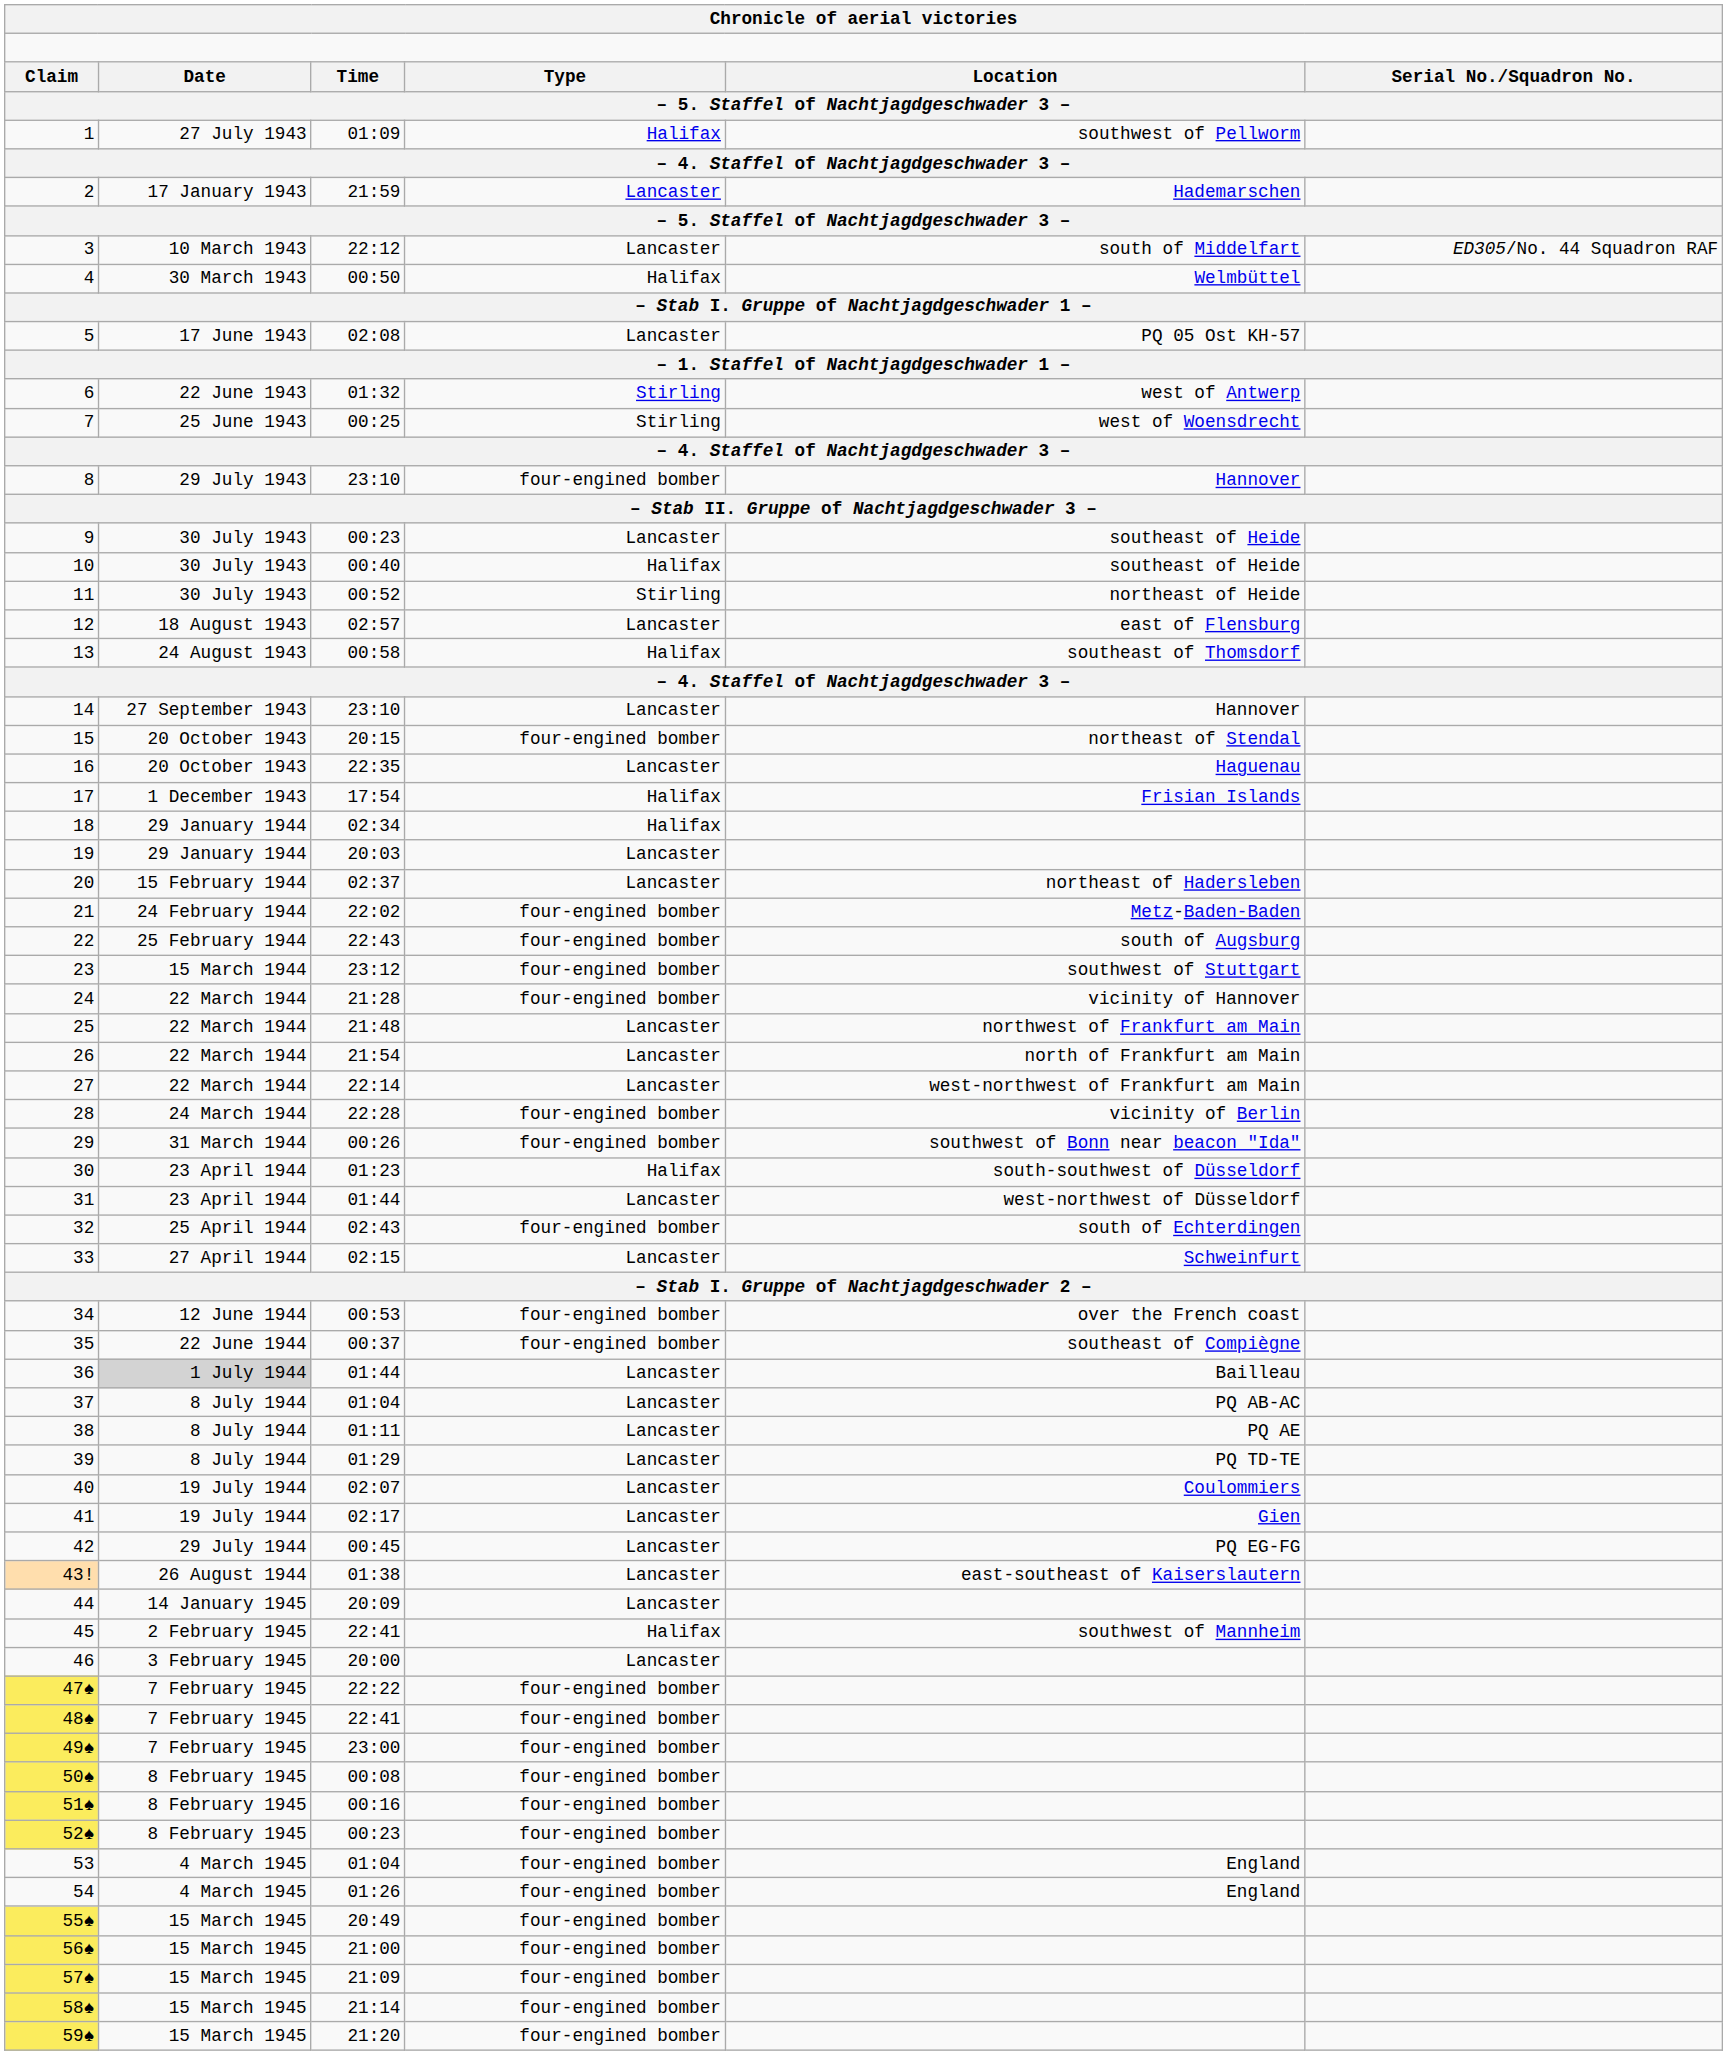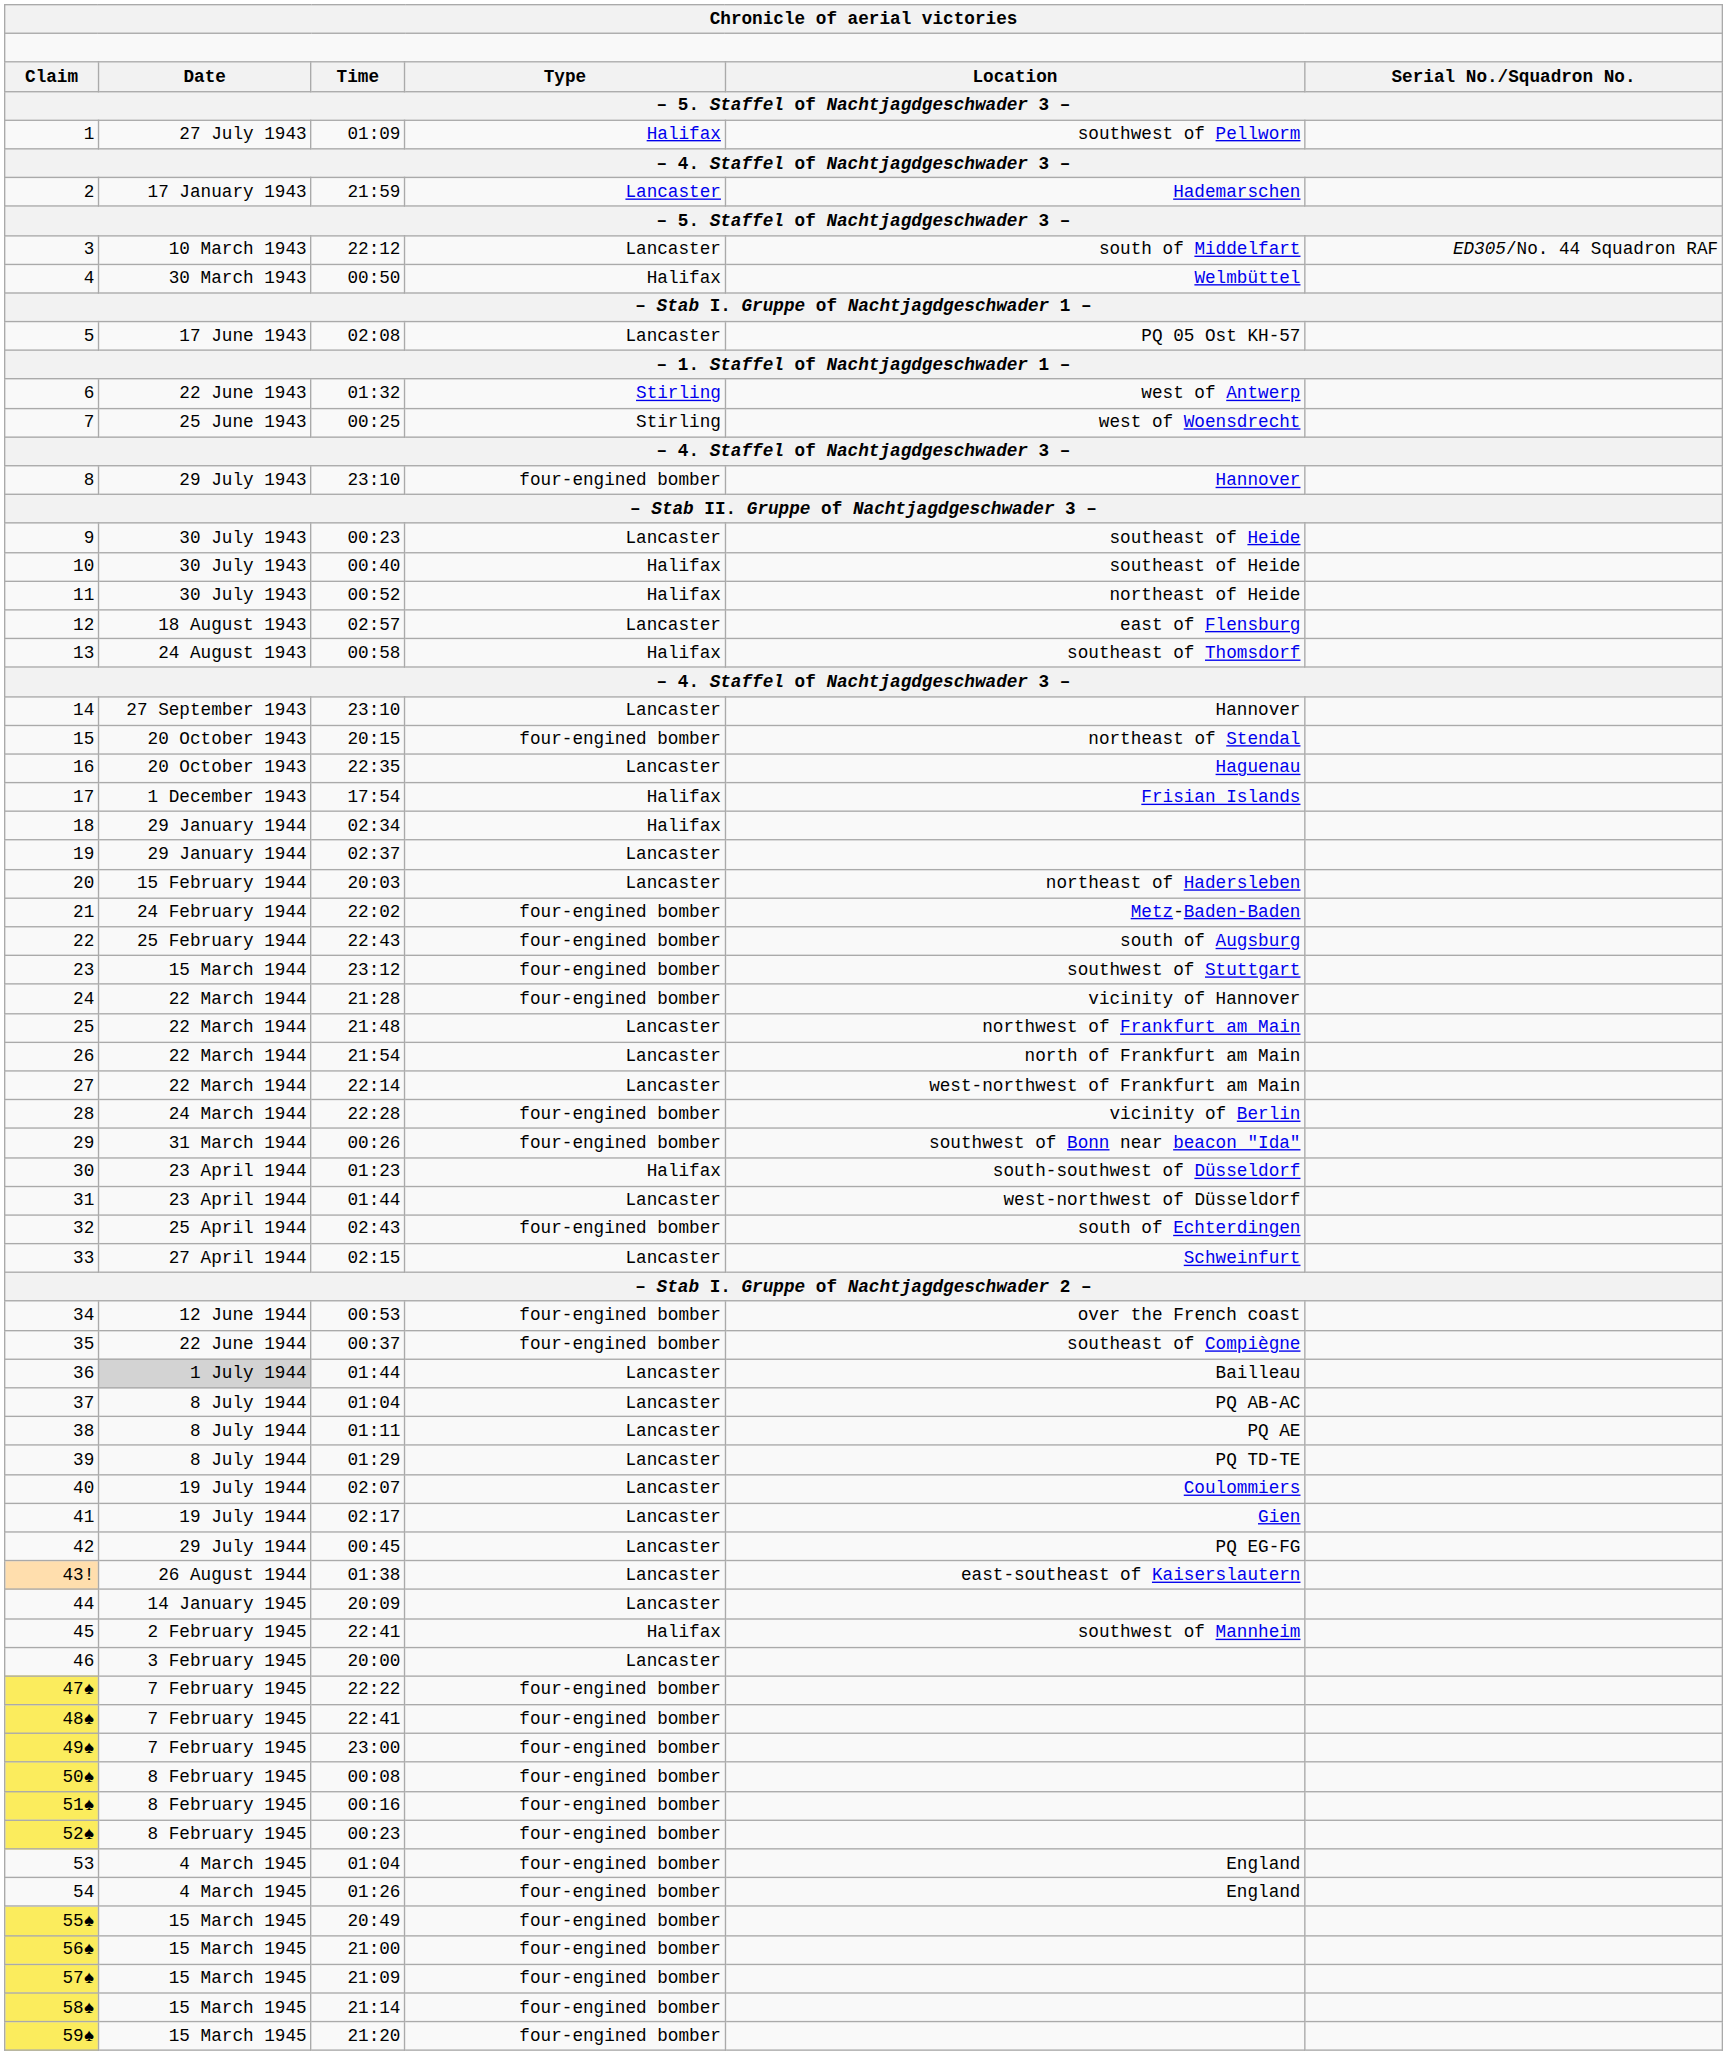 <table class="wikitable plainrowheaders collapsible" style="margin-left: auto; margin-right: auto; border: none; text-align:right; width: 100%;">
 <tr>
 <th colspan="6">Chronicle of aerial victories</th>
 </tr>
 <tr>
 <td colspan="6" style="text-align: left;"><br> </td>
 </tr>
 <tr>
 <th scope="col">Claim</th>
 <th scope="col" style="width:150px">Date</th>
 <th scope="col">Time</th>
 <th scope="col">Type</th>
 <th scope="col">Location</th>
 <th scope="col">Serial No./Squadron No.</th>
 </tr>
 <tr>
 <th colspan="6">– 5. <em>Staffel</em> of <em>Nachtjagdgeschwader</em> 3 –</th>
 </tr>
 <tr>
 <td>1</td>
 <td>27 July 1943</td>
 <td>01:09</td>
 <td><a href='#'>Halifax</a></td>
 <td>southwest of <a href='#'>Pellworm</a></td>
 <td></td>
 </tr>
 <tr>
 <th colspan="6">– 4. <em>Staffel</em> of <em>Nachtjagdgeschwader</em> 3 –</th>
 </tr>
 <tr>
 <td>2</td>
 <td>17 January 1943</td>
 <td>21:59</td>
 <td><a href='#'>Lancaster</a></td>
 <td><a href='#'>Hademarschen</a></td>
 <td></td>
 </tr>
 <tr>
 <th colspan="6">– 5. <em>Staffel</em> of <em>Nachtjagdgeschwader</em> 3 –</th>
 </tr>
 <tr>
 <td>3</td>
 <td>10 March 1943</td>
 <td>22:12</td>
 <td>Lancaster</td>
 <td>south of <a href='#'>Middelfart</a></td>
 <td><em>ED305</em>/No. 44 Squadron RAF</td>
 </tr>
 <tr>
 <td>4</td>
 <td>30 March 1943</td>
 <td>00:50</td>
 <td>Halifax</td>
 <td><a href='#'>Welmbüttel</a></td>
 <td></td>
 </tr>
 <tr>
 <th colspan="6">– <em>Stab</em> I. <em>Gruppe</em> of <em>Nachtjagdgeschwader</em> 1 –</th>
 </tr>
 <tr>
 <td>5</td>
 <td>17 June 1943</td>
 <td>02:08</td>
 <td>Lancaster</td>
 <td>PQ 05 Ost KH-57</td>
 <td></td>
 </tr>
 <tr>
 <th colspan="6">– 1. <em>Staffel</em> of <em>Nachtjagdgeschwader</em> 1 –</th>
 </tr>
 <tr>
 <td>6</td>
 <td>22 June 1943</td>
 <td>01:32</td>
 <td><a href='#'>Stirling</a></td>
 <td> west of <a href='#'>Antwerp</a></td>
 <td></td>
 </tr>
 <tr>
 <td>7</td>
 <td>25 June 1943</td>
 <td>00:25</td>
 <td>Stirling</td>
 <td>west of <a href='#'>Woensdrecht</a></td>
 <td></td>
 </tr>
 <tr>
 <th colspan="6">– 4. <em>Staffel</em> of <em>Nachtjagdgeschwader</em> 3 –</th>
 </tr>
 <tr>
 <td>8</td>
 <td>29 July 1943</td>
 <td>23:10</td>
 <td>four-engined bomber</td>
 <td><a href='#'>Hannover</a></td>
 <td></td>
 </tr>
 <tr>
 <th colspan="6">– <em>Stab</em> II. <em>Gruppe</em> of <em>Nachtjagdgeschwader</em> 3 –</th>
 </tr>
 <tr>
 <td>9</td>
 <td>30 July 1943</td>
 <td>00:23</td>
 <td>Lancaster</td>
 <td> southeast of <a href='#'>Heide</a></td>
 <td></td>
 </tr>
 <tr>
 <td>10</td>
 <td>30 July 1943</td>
 <td>00:40</td>
 <td>Halifax</td>
 <td> southeast of Heide</td>
 <td></td>
 </tr>
 <tr>
 <td>11</td>
 <td>30 July 1943</td>
 <td>00:52</td>
-<td>Stirling</td>
+<td>Halifax</td>
 <td> northeast of Heide</td>
 <td></td>
 </tr>
 <tr>
 <td>12</td>
 <td>18 August 1943</td>
 <td>02:57</td>
 <td>Lancaster</td>
 <td> east of <a href='#'>Flensburg</a></td>
 <td></td>
 </tr>
 <tr>
 <td>13</td>
 <td>24 August 1943</td>
 <td>00:58</td>
 <td>Halifax</td>
 <td> southeast of <a href='#'>Thomsdorf</a></td>
 <td></td>
 </tr>
 <tr>
 <th colspan="6">– 4. <em>Staffel</em> of <em>Nachtjagdgeschwader</em> 3 –</th>
 </tr>
 <tr>
 <td>14</td>
 <td>27 September 1943</td>
 <td>23:10</td>
 <td>Lancaster</td>
 <td>Hannover</td>
 <td></td>
 </tr>
 <tr>
 <td>15</td>
 <td>20 October 1943</td>
 <td>20:15</td>
 <td>four-engined bomber</td>
 <td> northeast of <a href='#'>Stendal</a></td>
 <td></td>
 </tr>
 <tr>
 <td>16</td>
 <td>20 October 1943</td>
 <td>22:35</td>
 <td>Lancaster</td>
 <td><a href='#'>Haguenau</a></td>
 <td></td>
 </tr>
 <tr>
 <td>17</td>
 <td>1 December 1943</td>
 <td>17:54</td>
 <td>Halifax</td>
 <td><a href='#'>Frisian Islands</a></td>
 <td></td>
 </tr>
 <tr>
 <td>18</td>
 <td>29 January 1944</td>
 <td>02:34</td>
 <td>Halifax</td>
 <td></td>
 <td></td>
 </tr>
 <tr>
 <td>19</td>
 <td>29 January 1944</td>
-<td>20:03</td>
+<td>02:37</td>
 <td>Lancaster</td>
 <td></td>
 <td></td>
 </tr>
 <tr>
 <td>20</td>
 <td>15 February 1944</td>
-<td>02:37</td>
+<td>20:03</td>
 <td>Lancaster</td>
 <td>northeast of <a href='#'>Hadersleben</a></td>
 <td></td>
 </tr>
 <tr>
 <td>21</td>
 <td>24 February 1944</td>
 <td>22:02</td>
 <td>four-engined bomber</td>
 <td><a href='#'>Metz</a>-<a href='#'>Baden-Baden</a></td>
 <td></td>
 </tr>
 <tr>
 <td>22</td>
 <td>25 February 1944</td>
 <td>22:43</td>
 <td>four-engined bomber</td>
 <td>south of <a href='#'>Augsburg</a></td>
 <td></td>
 </tr>
 <tr>
 <td>23</td>
 <td>15 March 1944</td>
 <td>23:12</td>
 <td>four-engined bomber</td>
 <td>southwest of <a href='#'>Stuttgart</a></td>
 <td></td>
 </tr>
 <tr>
 <td>24</td>
 <td>22 March 1944</td>
 <td>21:28</td>
 <td>four-engined bomber</td>
 <td>vicinity of Hannover</td>
 <td></td>
 </tr>
 <tr>
 <td>25</td>
 <td>22 March 1944</td>
 <td>21:48</td>
 <td>Lancaster</td>
 <td>northwest of <a href='#'>Frankfurt am Main</a></td>
 <td></td>
 </tr>
 <tr>
 <td>26</td>
 <td>22 March 1944</td>
 <td>21:54</td>
 <td>Lancaster</td>
 <td>north of Frankfurt am Main</td>
 <td></td>
 </tr>
 <tr>
 <td>27</td>
 <td>22 March 1944</td>
 <td>22:14</td>
 <td>Lancaster</td>
 <td>west-northwest of Frankfurt am Main</td>
 <td></td>
 </tr>
 <tr>
 <td>28</td>
 <td>24 March 1944</td>
 <td>22:28</td>
 <td>four-engined bomber</td>
 <td>vicinity of <a href='#'>Berlin</a></td>
 <td></td>
 </tr>
 <tr>
 <td>29</td>
 <td>31 March 1944</td>
 <td>00:26</td>
 <td>four-engined bomber</td>
 <td>southwest of <a href='#'>Bonn</a> near <a href='#'>beacon "Ida"</a></td>
 <td></td>
 </tr>
 <tr>
 <td>30</td>
 <td>23 April 1944</td>
 <td>01:23</td>
 <td>Halifax</td>
 <td>south-southwest of <a href='#'>Düsseldorf</a></td>
 <td></td>
 </tr>
 <tr>
 <td>31</td>
 <td>23 April 1944</td>
 <td>01:44</td>
 <td>Lancaster</td>
 <td>west-northwest of Düsseldorf</td>
 <td></td>
 </tr>
 <tr>
 <td>32</td>
 <td>25 April 1944</td>
 <td>02:43</td>
 <td>four-engined bomber</td>
 <td> south of <a href='#'>Echterdingen</a></td>
 <td></td>
 </tr>
 <tr>
 <td>33</td>
 <td>27 April 1944</td>
 <td>02:15</td>
 <td>Lancaster</td>
 <td><a href='#'>Schweinfurt</a></td>
 <td></td>
 </tr>
 <tr>
 <th colspan="6">– <em>Stab</em> I. <em>Gruppe</em> of <em>Nachtjagdgeschwader</em> 2 –</th>
 </tr>
 <tr>
 <td>34</td>
 <td>12 June 1944</td>
 <td>00:53</td>
 <td>four-engined bomber</td>
 <td>over the French coast</td>
 <td></td>
 </tr>
 <tr>
 <td>35</td>
 <td>22 June 1944</td>
 <td>00:37</td>
 <td>four-engined bomber</td>
 <td>southeast of <a href='#'>Compiègne</a></td>
 <td></td>
 </tr>
 <tr>
 <td>36</td>
 <td style="background: lightgrey;">1 July 1944</td>
 <td>01:44</td>
 <td>Lancaster</td>
 <td>Bailleau</td>
 <td></td>
 </tr>
 <tr>
 <td>37</td>
 <td>8 July 1944</td>
 <td>01:04</td>
 <td>Lancaster</td>
 <td>PQ AB-AC</td>
 <td></td>
 </tr>
 <tr>
 <td>38</td>
 <td>8 July 1944</td>
 <td>01:11</td>
 <td>Lancaster</td>
 <td>PQ AE</td>
 <td></td>
 </tr>
 <tr>
 <td>39</td>
 <td>8 July 1944</td>
 <td>01:29</td>
 <td>Lancaster</td>
 <td>PQ TD-TE</td>
 <td></td>
 </tr>
 <tr>
 <td>40</td>
 <td>19 July 1944</td>
 <td>02:07</td>
 <td>Lancaster</td>
 <td><a href='#'>Coulommiers</a></td>
 <td></td>
 </tr>
 <tr>
 <td>41</td>
 <td>19 July 1944</td>
 <td>02:17</td>
 <td>Lancaster</td>
 <td><a href='#'>Gien</a></td>
 <td></td>
 </tr>
 <tr>
 <td>42</td>
 <td>29 July 1944</td>
 <td>00:45</td>
 <td>Lancaster</td>
 <td>PQ EG-FG</td>
 <td></td>
 </tr>
 <tr>
 <td style="background:#ffdead">43!</td>
 <td>26 August 1944</td>
 <td>01:38</td>
 <td>Lancaster</td>
 <td>east-southeast of <a href='#'>Kaiserslautern</a></td>
 <td></td>
 </tr>
 <tr>
 <td>44</td>
 <td>14 January 1945</td>
 <td>20:09</td>
 <td>Lancaster</td>
 <td></td>
 <td></td>
 </tr>
 <tr>
 <td>45</td>
 <td>2 February 1945</td>
 <td>22:41</td>
 <td>Halifax</td>
 <td>southwest of <a href='#'>Mannheim</a></td>
 <td></td>
 </tr>
 <tr>
 <td>46</td>
 <td>3 February 1945</td>
 <td>20:00</td>
 <td>Lancaster</td>
 <td></td>
 <td></td>
 </tr>
 <tr>
 <td style="background:#fbec5d;">47♠</td>
 <td>7 February 1945</td>
 <td>22:22</td>
 <td>four-engined bomber</td>
 <td></td>
 <td></td>
 </tr>
 <tr>
 <td style="background:#fbec5d;">48♠</td>
 <td>7 February 1945</td>
 <td>22:41</td>
 <td>four-engined bomber</td>
 <td></td>
 <td></td>
 </tr>
 <tr>
 <td style="background:#fbec5d;">49♠</td>
 <td>7 February 1945</td>
 <td>23:00</td>
 <td>four-engined bomber</td>
 <td></td>
 <td></td>
 </tr>
 <tr>
 <td style="background:#fbec5d;">50♠</td>
 <td>8 February 1945</td>
 <td>00:08</td>
 <td>four-engined bomber</td>
 <td></td>
 <td></td>
 </tr>
 <tr>
 <td style="background:#fbec5d;">51♠</td>
 <td>8 February 1945</td>
 <td>00:16</td>
 <td>four-engined bomber</td>
 <td></td>
 <td></td>
 </tr>
 <tr>
 <td style="background:#fbec5d;">52♠</td>
 <td>8 February 1945</td>
 <td>00:23</td>
 <td>four-engined bomber</td>
 <td></td>
 <td></td>
 </tr>
 <tr>
 <td>53</td>
 <td>4 March 1945</td>
 <td>01:04</td>
 <td>four-engined bomber</td>
 <td>England</td>
 <td></td>
 </tr>
 <tr>
 <td>54</td>
 <td>4 March 1945</td>
 <td>01:26</td>
 <td>four-engined bomber</td>
 <td>England</td>
 <td></td>
 </tr>
 <tr>
 <td style="background:#fbec5d;">55♠</td>
 <td>15 March 1945</td>
 <td>20:49</td>
 <td>four-engined bomber</td>
 <td></td>
 <td></td>
 </tr>
 <tr>
 <td style="background:#fbec5d;">56♠</td>
 <td>15 March 1945</td>
 <td>21:00</td>
 <td>four-engined bomber</td>
 <td></td>
 <td></td>
 </tr>
 <tr>
 <td style="background:#fbec5d;">57♠</td>
 <td>15 March 1945</td>
 <td>21:09</td>
 <td>four-engined bomber</td>
 <td></td>
 <td></td>
 </tr>
 <tr>
 <td style="background:#fbec5d;">58♠</td>
 <td>15 March 1945</td>
 <td>21:14</td>
 <td>four-engined bomber</td>
 <td></td>
 <td></td>
 </tr>
 <tr>
 <td style="background:#fbec5d;">59♠</td>
 <td>15 March 1945</td>
 <td>21:20</td>
 <td>four-engined bomber</td>
 <td></td>
 <td></td>
 </tr>
 </table>
